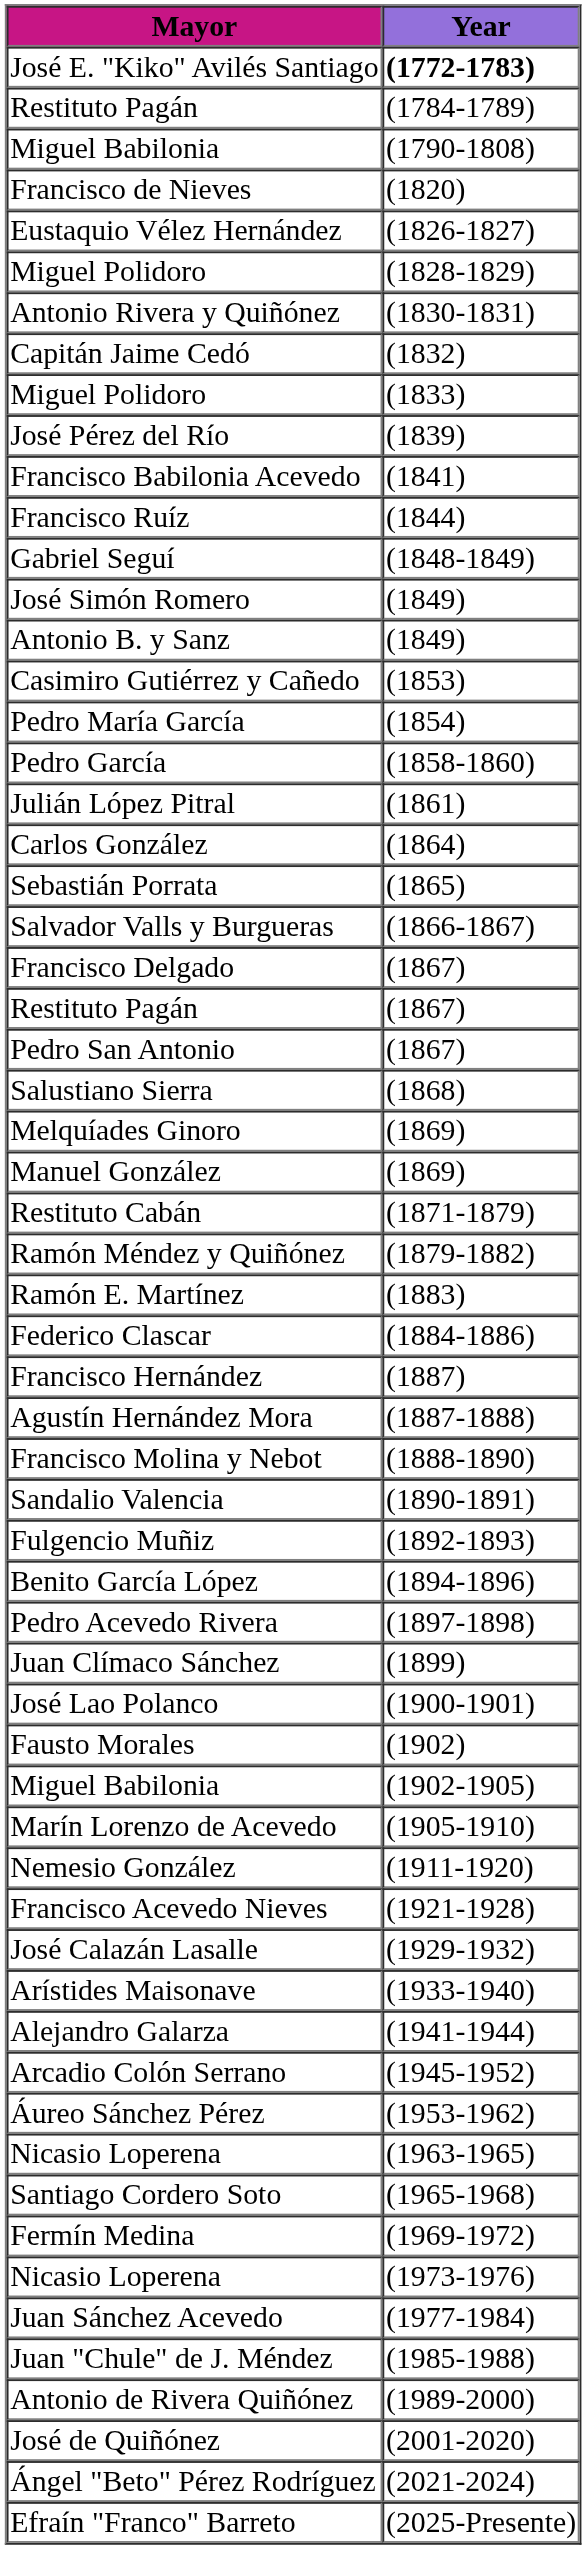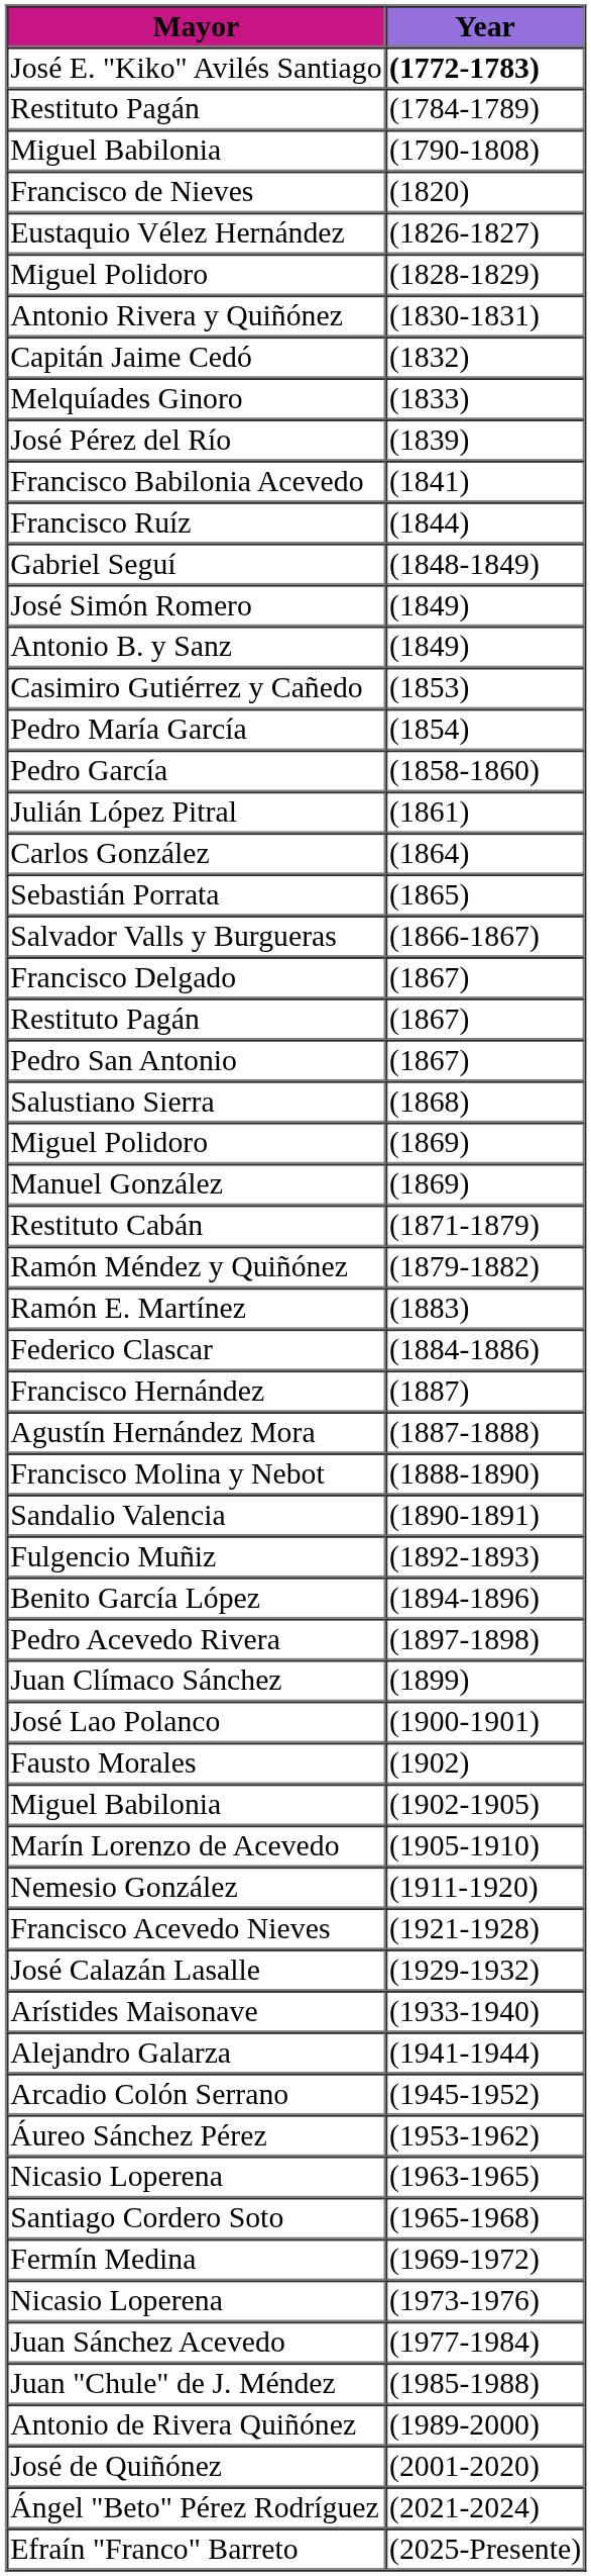 <table border="1" align="center" cellpadding="1" cellspacing="0">
 <tr>
 <th bgcolor=mediumvioletred><strong>Mayor</strong></th>
 <th bgcolor=mediumpurple><strong>Year</strong></th>
 </tr>
 <tr>
 <td>José E. "Kiko" Avilés Santiago</td>
 <td><strong>(1772-1783)</strong></td>
 </tr>
 <tr>
 <td>Restituto Pagán</td>
 <td>(1784-1789)</td>
 </tr>
 <tr>
 <td>Miguel Babilonia</td>
 <td>(1790-1808)</td>
 </tr>
 <tr>
 <td>Francisco de Nieves</td>
 <td>(1820)</td>
 </tr>
 <tr>
 <td>Eustaquio Vélez Hernández</td>
 <td>(1826-1827)</td>
 </tr>
 <tr>
 <td>Miguel Polidoro</td>
 <td>(1828-1829)</td>
 </tr>
 <tr>
 <td>Antonio Rivera y Quiñónez</td>
 <td>(1830-1831)</td>
 </tr>
 <tr>
 <td>Capitán Jaime Cedó</td>
 <td>(1832)</td>
 </tr>
 <tr>
-<td>Miguel Polidoro</td>
+<td>Melquíades Ginoro</td>
 <td>(1833)</td>
 </tr>
 <tr>
 <td>José Pérez del Río</td>
 <td>(1839)</td>
 </tr>
 <tr>
 <td>Francisco Babilonia Acevedo</td>
 <td>(1841)</td>
 </tr>
 <tr>
 <td>Francisco Ruíz</td>
 <td>(1844)</td>
 </tr>
 <tr>
 <td>Gabriel Seguí</td>
 <td>(1848-1849)</td>
 </tr>
 <tr>
 <td>José Simón Romero</td>
 <td>(1849)</td>
 </tr>
 <tr>
 <td>Antonio B. y Sanz</td>
 <td>(1849)</td>
 </tr>
 <tr>
 <td>Casimiro Gutiérrez y Cañedo</td>
 <td>(1853)</td>
 </tr>
 <tr>
 <td>Pedro María García</td>
 <td>(1854)</td>
 </tr>
 <tr>
 <td>Pedro García</td>
 <td>(1858-1860)</td>
 </tr>
 <tr>
 <td>Julián López Pitral</td>
 <td>(1861)</td>
 </tr>
 <tr>
 <td>Carlos González</td>
 <td>(1864)</td>
 </tr>
 <tr>
 <td>Sebastián Porrata</td>
 <td>(1865)</td>
 </tr>
 <tr>
 <td>Salvador Valls y Burgueras</td>
 <td>(1866-1867)</td>
 </tr>
 <tr>
 <td>Francisco Delgado</td>
 <td>(1867)</td>
 </tr>
 <tr>
 <td>Restituto Pagán</td>
 <td>(1867)</td>
 </tr>
 <tr>
 <td>Pedro San Antonio</td>
 <td>(1867)</td>
 </tr>
 <tr>
 <td>Salustiano Sierra</td>
 <td>(1868)</td>
 </tr>
 <tr>
-<td>Melquíades Ginoro</td>
+<td>Miguel Polidoro</td>
 <td>(1869)</td>
 </tr>
 <tr>
 <td>Manuel González</td>
 <td>(1869)</td>
 </tr>
 <tr>
 <td>Restituto Cabán</td>
 <td>(1871-1879)</td>
 </tr>
 <tr>
 <td>Ramón Méndez y Quiñónez</td>
 <td>(1879-1882)</td>
 </tr>
 <tr>
 <td>Ramón E. Martínez</td>
 <td>(1883)</td>
 </tr>
 <tr>
 <td>Federico Clascar</td>
 <td>(1884-1886)</td>
 </tr>
 <tr>
 <td>Francisco Hernández</td>
 <td>(1887)</td>
 </tr>
 <tr>
 <td>Agustín Hernández Mora</td>
 <td>(1887-1888)</td>
 </tr>
 <tr>
 <td>Francisco Molina y Nebot</td>
 <td>(1888-1890)</td>
 </tr>
 <tr>
 <td>Sandalio Valencia</td>
 <td>(1890-1891)</td>
 </tr>
 <tr>
 <td>Fulgencio Muñiz</td>
 <td>(1892-1893)</td>
 </tr>
 <tr>
 <td>Benito García López</td>
 <td>(1894-1896)</td>
 </tr>
 <tr>
 <td>Pedro Acevedo Rivera</td>
 <td>(1897-1898)</td>
 </tr>
 <tr>
 <td>Juan Clímaco Sánchez</td>
 <td>(1899)</td>
 </tr>
 <tr>
 <td>José Lao Polanco</td>
 <td>(1900-1901)</td>
 </tr>
 <tr>
 <td>Fausto Morales</td>
 <td>(1902)</td>
 </tr>
 <tr>
 <td>Miguel Babilonia</td>
 <td>(1902-1905)</td>
 </tr>
 <tr>
 <td>Marín Lorenzo de Acevedo</td>
 <td>(1905-1910)</td>
 </tr>
 <tr>
 <td>Nemesio González</td>
 <td>(1911-1920)</td>
 </tr>
 <tr>
 <td>Francisco Acevedo Nieves</td>
 <td>(1921-1928)</td>
 </tr>
 <tr>
 <td>José Calazán Lasalle</td>
 <td>(1929-1932)</td>
 </tr>
 <tr>
 <td>Arístides Maisonave</td>
 <td>(1933-1940)</td>
 </tr>
 <tr>
 <td>Alejandro Galarza</td>
 <td>(1941-1944)</td>
 </tr>
 <tr>
 <td>Arcadio Colón Serrano</td>
 <td>(1945-1952)</td>
 </tr>
 <tr>
 <td>Áureo Sánchez Pérez</td>
 <td>(1953-1962)</td>
 </tr>
 <tr>
 <td>Nicasio Loperena</td>
 <td>(1963-1965)</td>
 </tr>
 <tr>
 <td>Santiago Cordero Soto</td>
 <td>(1965-1968)</td>
 </tr>
 <tr>
 <td>Fermín Medina</td>
 <td>(1969-1972)</td>
 </tr>
 <tr>
 <td>Nicasio Loperena</td>
 <td>(1973-1976)</td>
 </tr>
 <tr>
 <td>Juan Sánchez Acevedo</td>
 <td>(1977-1984)</td>
 </tr>
 <tr>
 <td>Juan "Chule" de J. Méndez</td>
 <td>(1985-1988)</td>
 </tr>
 <tr>
 <td>Antonio de Rivera Quiñónez</td>
 <td>(1989-2000)</td>
 </tr>
 <tr>
 <td>José de Quiñónez</td>
 <td>(2001-2020)</td>
 </tr>
 <tr>
 <td>Ángel "Beto" Pérez Rodríguez</td>
 <td>(2021-2024)</td>
 </tr>
 <tr>
 <td>Efraín "Franco" Barreto</td>
 <td>(2025-Presente)</td>
 </tr>
 </table>
